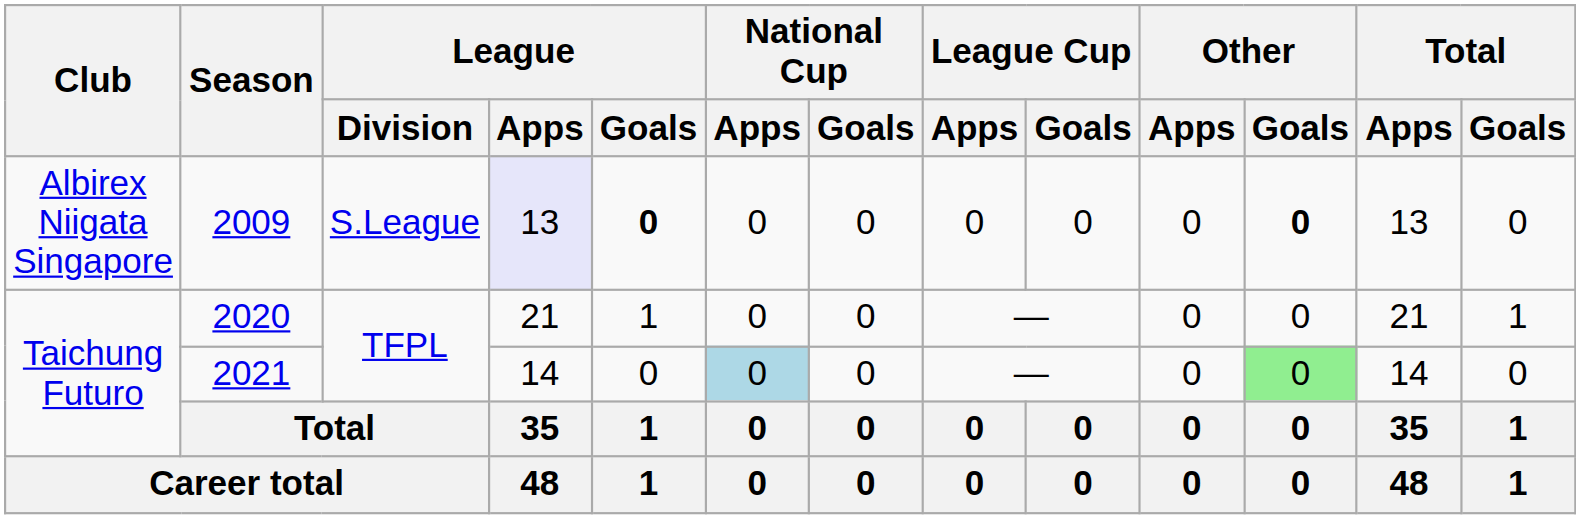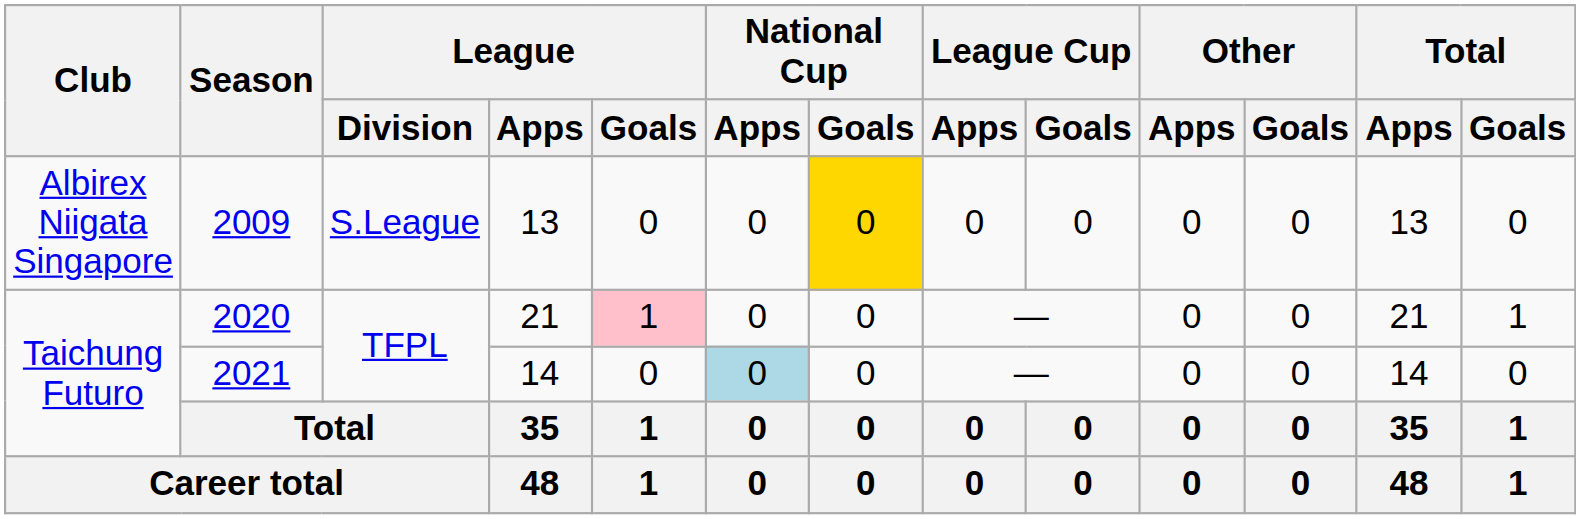 <table class="wikitable" style="text-align: center">
 <tr>
 <th rowspan="2">Club</th>
 <th rowspan="2">Season</th>
 <th colspan="3">League</th>
 <th colspan="2">National Cup</th>
 <th colspan="2">League Cup</th>
 <th colspan="2">Other</th>
 <th colspan="2">Total</th>
 </tr>
 <tr>
 <th>Division</th>
 <th>Apps</th>
 <th>Goals</th>
 <th>Apps</th>
 <th>Goals</th>
 <th>Apps</th>
 <th>Goals</th>
 <th>Apps</th>
 <th>Goals</th>
 <th>Apps</th>
 <th>Goals</th>
 </tr>
 <tr>
 <td><a href='#'>Albirex Niigata Singapore</a></td>
 <td><a href='#'>2009</a></td>
 <td><a href='#'>S.League</a></td>
-<td style="background: lavender;">13</td>
-<td><strong>0</strong></td>
+<td>13</td>
+<td>0</td>
+<td>0</td>
+<td style="background: gold;">0</td>
 <td>0</td>
 <td>0</td>
 <td>0</td>
 <td>0</td>
-<td>0</td>
-<td><strong>0</strong></td>
 <td>13</td>
 <td>0</td>
 </tr>
 <tr>
 <td rowspan="3"><a href='#'>Taichung Futuro</a></td>
 <td><a href='#'>2020</a></td>
 <td rowspan="2"><a href='#'>TFPL</a></td>
 <td>21</td>
-<td>1</td>
+<td style="background: pink;">1</td>
 <td>0</td>
 <td>0</td>
 <td colspan="2">—</td>
 <td>0</td>
 <td>0</td>
 <td>21</td>
 <td>1</td>
 </tr>
 <tr>
 <td><a href='#'>2021</a></td>
 <td>14</td>
 <td>0</td>
 <td style="background: lightblue;">0</td>
 <td>0</td>
 <td colspan="2">—</td>
 <td>0</td>
-<td style="background: lightgreen;">0</td>
+<td>0</td>
 <td>14</td>
 <td>0</td>
 </tr>
 <tr>
 <th colspan=2>Total</th>
 <th>35</th>
 <th>1</th>
 <th>0</th>
 <th>0</th>
 <th>0</th>
 <th>0</th>
 <th>0</th>
 <th>0</th>
 <th>35</th>
 <th>1</th>
 </tr>
 <tr>
 <th colspan=3>Career total</th>
 <th>48</th>
 <th>1</th>
 <th>0</th>
 <th>0</th>
 <th>0</th>
 <th>0</th>
 <th>0</th>
 <th>0</th>
 <th>48</th>
 <th>1</th>
 </tr>
 </table>
